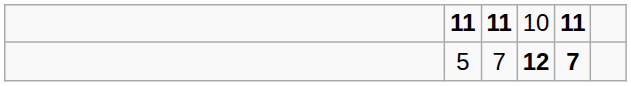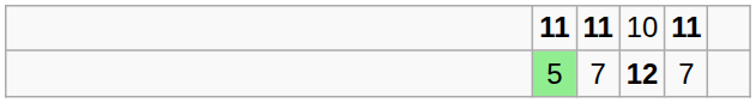 <table class="wikitable">
 <tr>
 <td style="width:18em"><strong></strong></td>
 <td align=center style="width:1em"><strong>11</strong></td>
 <td align=center style="width:1em"><strong>11</strong></td>
 <td align=center style="width:1em">10</td>
 <td align=center style="width:1em"><strong>11</strong></td>
 <td align=center style="width:1em"></td>
 </tr>
 <tr>
 <td style="width:18em"></td>
-<td align=center style="width:1em">5</td>
+<td align=center style="background: lightgreen; width:1em">5</td>
 <td align=center style="width:1em">7</td>
 <td align=center style="width:1em"><strong>12</strong></td>
-<td align=center style="width:1em"><strong>7</strong></td>
+<td align=center style="width:1em">7</td>
 <td align=center style="width:1em"></td>
 </tr>
 </table>
